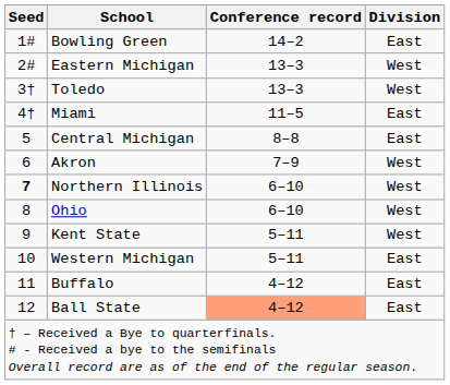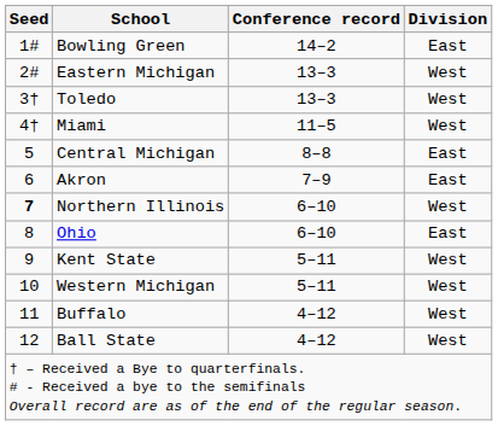 <table class="wikitable" style="text-align:center">
 <tr>
 <th>Seed</th>
 <th>School</th>
 <th>Conference record</th>
 <th>Division</th>
 </tr>
 <tr>
 <td>1#</td>
 <td align=left>Bowling Green</td>
 <td>14–2</td>
 <td>East</td>
 </tr>
 <tr>
 <td>2#</td>
 <td align=left>Eastern Michigan</td>
 <td>13–3</td>
 <td>West</td>
 </tr>
 <tr>
 <td>3†</td>
 <td align=left>Toledo</td>
 <td>13–3</td>
 <td>West</td>
 </tr>
 <tr>
 <td>4†</td>
 <td align=left>Miami</td>
 <td>11–5</td>
-<td>East</td>
+<td>West</td>
 </tr>
 <tr>
 <td>5</td>
 <td align=left>Central Michigan</td>
 <td>8–8</td>
 <td>East</td>
 </tr>
 <tr>
 <td>6</td>
 <td align=left>Akron</td>
 <td>7–9</td>
-<td>West</td>
+<td>East</td>
 </tr>
 <tr>
 <td><strong>7</strong></td>
 <td align=left>Northern Illinois</td>
 <td>6–10</td>
 <td>West</td>
 </tr>
 <tr>
 <td>8</td>
 <td align=left><a href='#'>Ohio</a></td>
 <td>6–10</td>
-<td>West</td>
+<td>East</td>
 </tr>
 <tr>
 <td>9</td>
 <td align=left>Kent State</td>
 <td>5–11</td>
 <td>West</td>
 </tr>
 <tr>
 <td>10</td>
 <td align=left>Western Michigan</td>
 <td>5–11</td>
-<td>East</td>
+<td>West</td>
 </tr>
 <tr>
 <td>11</td>
 <td align=left>Buffalo</td>
 <td>4–12</td>
-<td>East</td>
+<td>West</td>
 </tr>
 <tr>
 <td>12</td>
 <td align=left>Ball State</td>
-<td style="background: lightsalmon;">4–12</td>
-<td>East</td>
+<td>4–12</td>
+<td>West</td>
 </tr>
 <tr>
 <td colspan="5" style="text-align:left;"><small>† – Received a Bye to quarterfinals.<br># - Received a bye to the semifinals <br><em>Overall record are as of the end of the regular season</em>.</small></td>
 </tr>
 </table>
